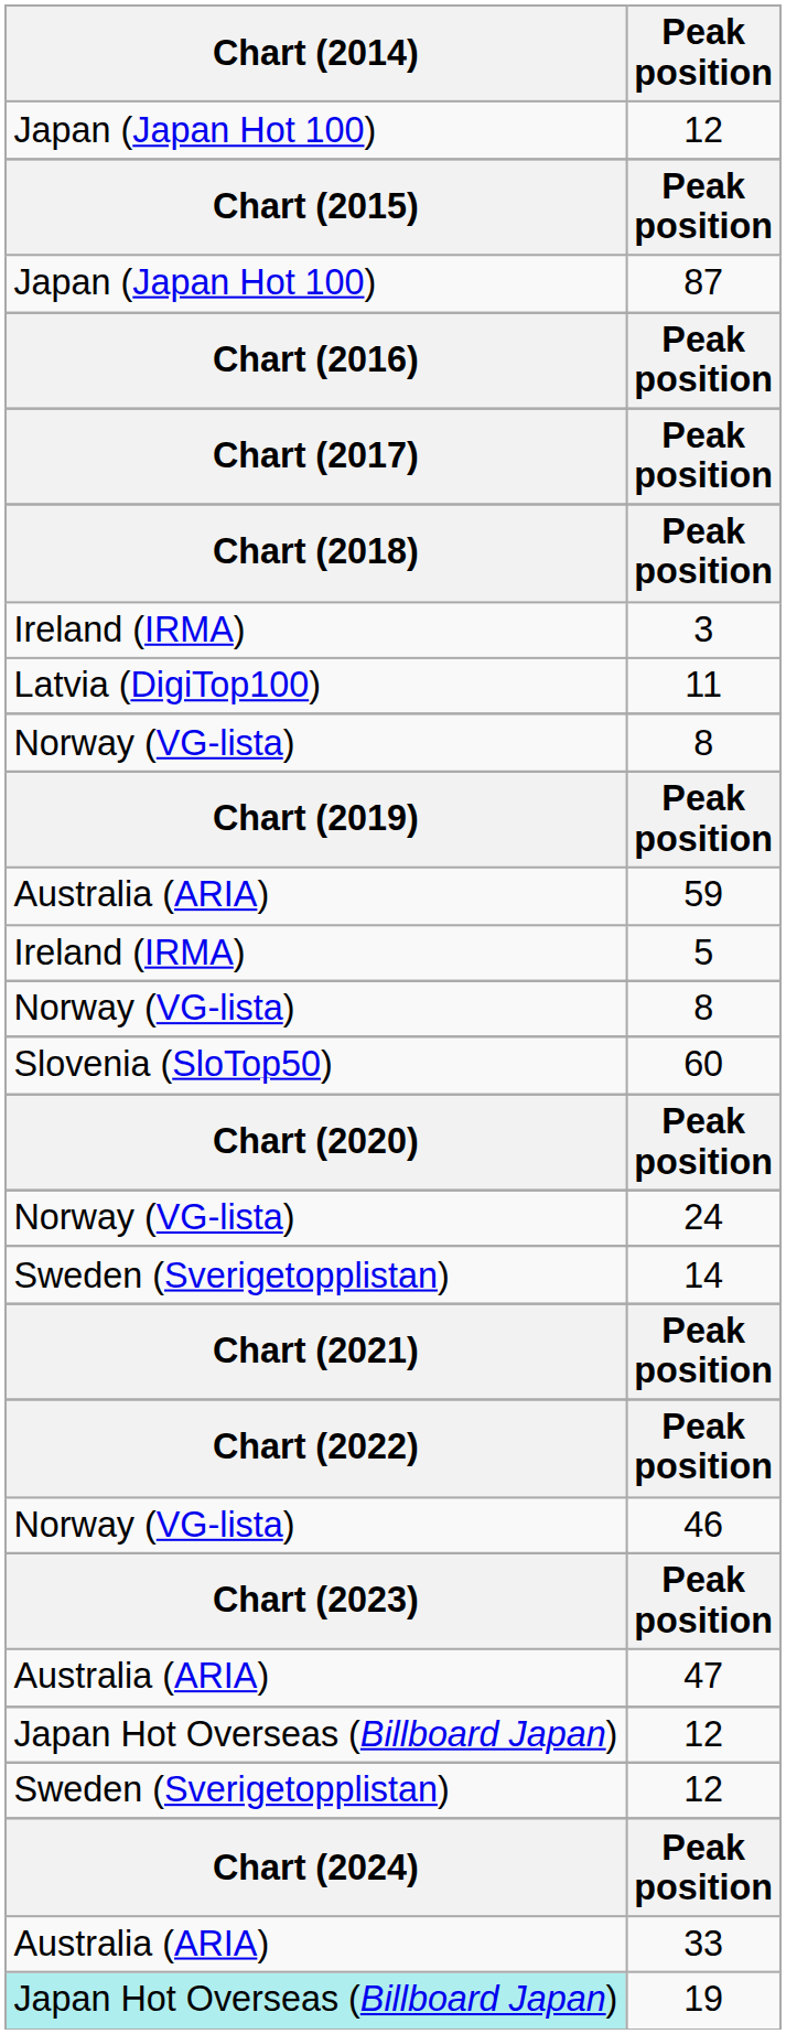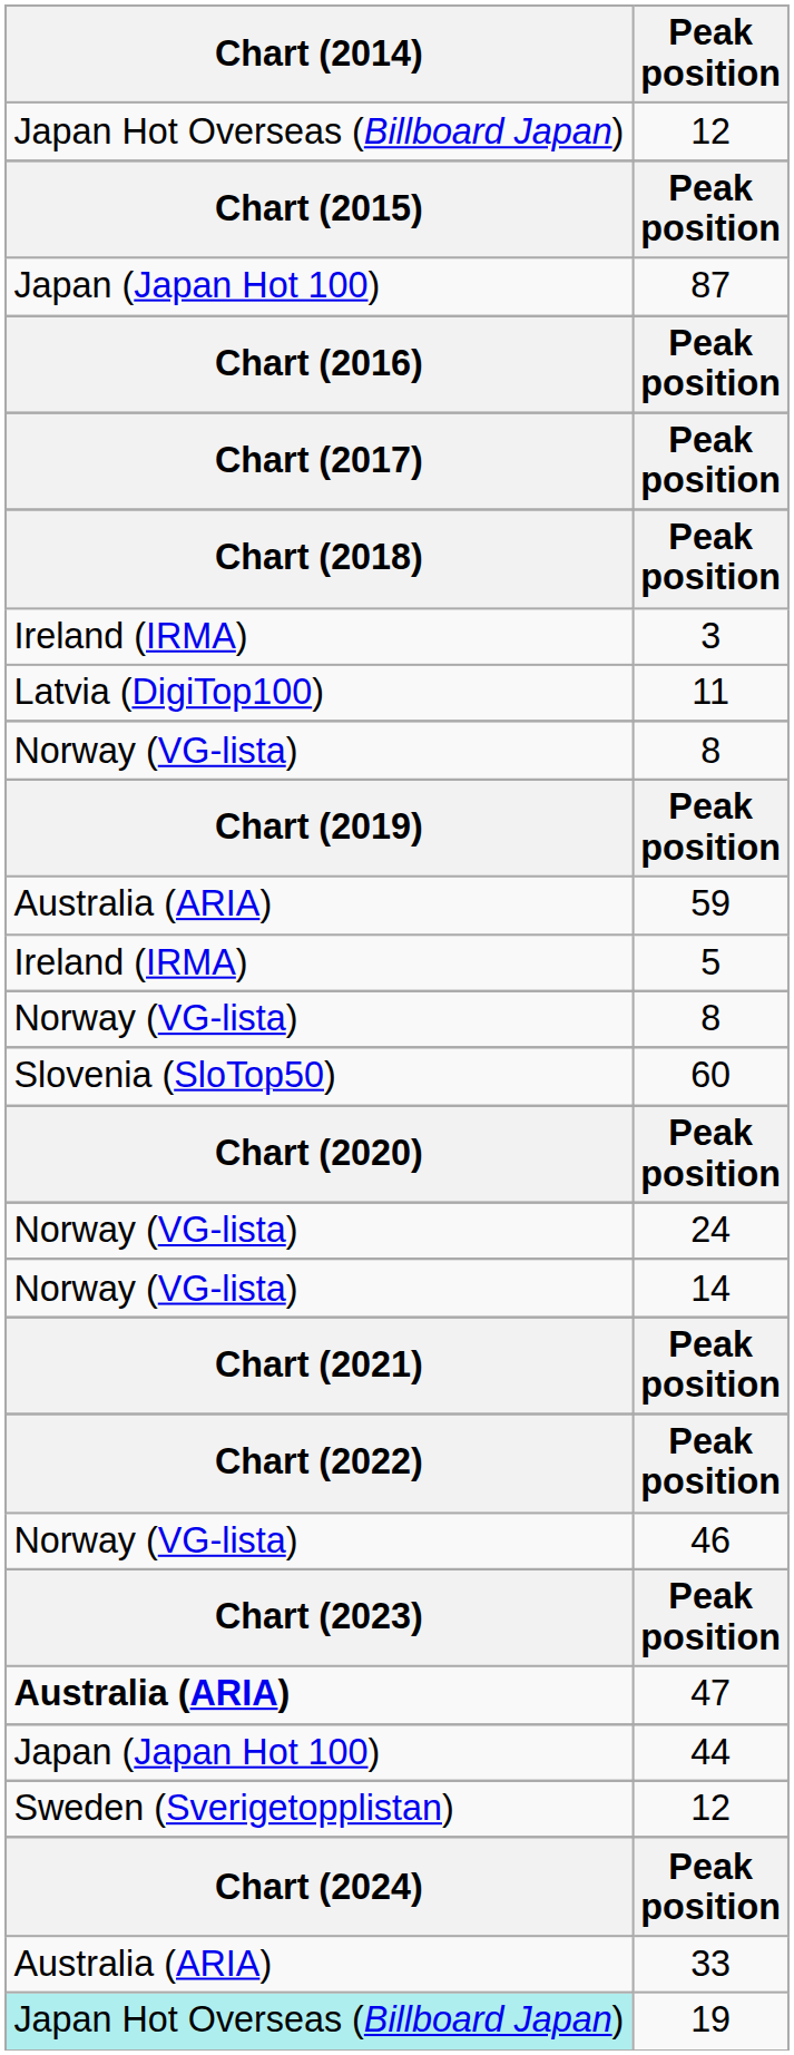 <table class="wikitable">
 <tr>
 <th scope="col">Chart (2014)</th>
 <th scope="col">Peak <br>position</th>
 </tr>
 <tr>
-<td scope="row">Japan (<a href='#'>Japan Hot 100</a>)</td>
+<td scope="row">Japan Hot Overseas (<em><a href='#'>Billboard Japan</a></em>)</td>
 <td align="center">12</td>
 </tr>
 <tr>
 </tr>
 <tr>
 </tr>
 <tr>
 </tr>
 <tr>
 </tr>
 <tr>
 <th align="left">Chart (2015)</th>
 <th style="text-align:center;">Peak <br>position</th>
 </tr>
 <tr>
 <td scope="row">Japan (<a href='#'>Japan Hot 100</a>)</td>
 <td align="center">87</td>
 </tr>
 <tr>
 </tr>
 <tr>
 </tr>
 <tr>
 </tr>
 <tr>
 <th align="left">Chart (2016)</th>
 <th style="text-align:center;">Peak <br>position</th>
 </tr>
 <tr>
 </tr>
 <tr>
 </tr>
 <tr>
 </tr>
 <tr>
 <th align="left">Chart (2017)</th>
 <th style="text-align:center;">Peak <br>position</th>
 </tr>
 <tr>
 </tr>
 <tr>
 </tr>
 <tr>
 </tr>
 <tr>
 </tr>
 <tr>
 <th align="left">Chart (2018)</th>
 <th style="text-align:center;">Peak <br>position</th>
 </tr>
 <tr>
 <td>Ireland (<a href='#'>IRMA</a>)</td>
 <td style="text-align:center;">3</td>
 </tr>
 <tr>
 <td>Latvia (<a href='#'>DigiTop100</a>)</td>
 <td align="center">11</td>
 </tr>
 <tr>
 </tr>
 <tr>
 </tr>
 <tr>
 <td>Norway (<a href='#'>VG-lista</a>)</td>
 <td style="text-align:center;">8</td>
 </tr>
 <tr>
 </tr>
 <tr>
 </tr>
 <tr>
 </tr>
 <tr>
 <th align="left">Chart (2019)</th>
 <th style="text-align:center;">Peak <br>position</th>
 </tr>
 <tr>
 <td>Australia (<a href='#'>ARIA</a>)</td>
 <td style="text-align:center;">59</td>
 </tr>
 <tr>
 <td>Ireland (<a href='#'>IRMA</a>)</td>
 <td style="text-align:center;">5</td>
 </tr>
 <tr>
 </tr>
 <tr>
 <td>Norway (<a href='#'>VG-lista</a>)</td>
 <td style="text-align:center;">8</td>
 </tr>
 <tr>
 </tr>
 <tr>
 <td>Slovenia (<a href='#'>SloTop50</a>)</td>
 <td align=center>60</td>
 </tr>
 <tr>
 </tr>
 <tr>
 </tr>
 <tr>
 <th align="left">Chart (2020)</th>
 <th style="text-align:center;">Peak <br>position</th>
 </tr>
 <tr>
 </tr>
 <tr>
 <td>Norway (<a href='#'>VG-lista</a>)</td>
 <td style="text-align:center;">24</td>
 </tr>
 <tr>
 </tr>
 <tr>
-<td>Sweden (<a href='#'>Sverigetopplistan</a>)</td>
+<td>Norway (<a href='#'>VG-lista</a>)</td>
 <td style="text-align:center;">14</td>
 </tr>
 <tr>
 </tr>
 <tr>
 </tr>
 <tr>
 <th align="left">Chart (2021)</th>
 <th style="text-align:center;">Peak <br>position</th>
 </tr>
 <tr>
 </tr>
 <tr>
 </tr>
 <tr>
 <th align="left">Chart (2022)</th>
 <th style="text-align:center;">Peak <br>position</th>
 </tr>
 <tr>
 <td>Norway (<a href='#'>VG-lista</a>)</td>
 <td align="center">46</td>
 </tr>
 <tr>
 </tr>
 <tr>
 </tr>
 <tr>
 </tr>
 <tr>
 <th align="left">Chart (2023)</th>
 <th style="text-align:center;">Peak <br>position</th>
 </tr>
 <tr>
-<td scope="row">Australia (<a href='#'>ARIA</a>)</td>
+<td scope="row"><strong>Australia (<a href='#'>ARIA</a>)</strong></td>
 <td align="center">47</td>
 </tr>
 <tr>
 </tr>
 <tr>
 </tr>
 <tr>
-<td scope="row">Japan Hot Overseas (<em><a href='#'>Billboard Japan</a></em>)</td>
-<td align="center">12</td>
+<td scope="row">Japan (<a href='#'>Japan Hot 100</a>)</td>
+<td align="center">44</td>
 </tr>
 <tr>
 </tr>
 <tr>
 <td scope="row">Sweden (<a href='#'>Sverigetopplistan</a>)</td>
 <td align="center">12</td>
 </tr>
 <tr>
 </tr>
 <tr>
 </tr>
 <tr>
 <th align="left">Chart (2024)</th>
 <th style="text-align:center;">Peak <br>position</th>
 </tr>
 <tr>
 <td scope="row">Australia (<a href='#'>ARIA</a>)</td>
 <td align="center">33</td>
 </tr>
 <tr>
 <td scope="row" style="background: paleturquoise;">Japan Hot Overseas (<em><a href='#'>Billboard Japan</a></em>)</td>
 <td align="center">19</td>
 </tr>
 <tr>
 </tr>
 </table>
